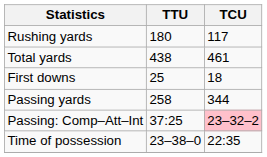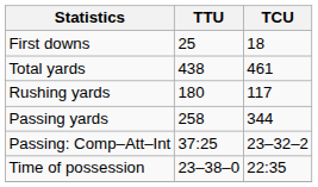 <table class="wikitable" style="float: left;">
 <tr>
 <th>Statistics</th>
 <th>TTU</th>
 <th>TCU</th>
 </tr>
 <tr>
-<td>Rushing yards</td>
-<td>180</td>
-<td>117</td>
+<td>First downs</td>
+<td>25</td>
+<td>18</td>
 </tr>
 <tr>
 <td>Total yards</td>
 <td>438</td>
 <td>461</td>
 </tr>
 <tr>
-<td>First downs</td>
-<td>25</td>
-<td>18</td>
+<td>Rushing yards</td>
+<td>180</td>
+<td>117</td>
 </tr>
 <tr>
 <td>Passing yards</td>
 <td>258</td>
 <td>344</td>
 </tr>
 <tr>
 <td>Passing: Comp–Att–Int</td>
 <td>37:25</td>
-<td style="background: pink;">23–32–2</td>
+<td>23–32–2</td>
 </tr>
 <tr>
 <td>Time of possession</td>
 <td>23–38–0</td>
 <td>22:35</td>
 </tr>
 <tr>
 </tr>
 </table>
